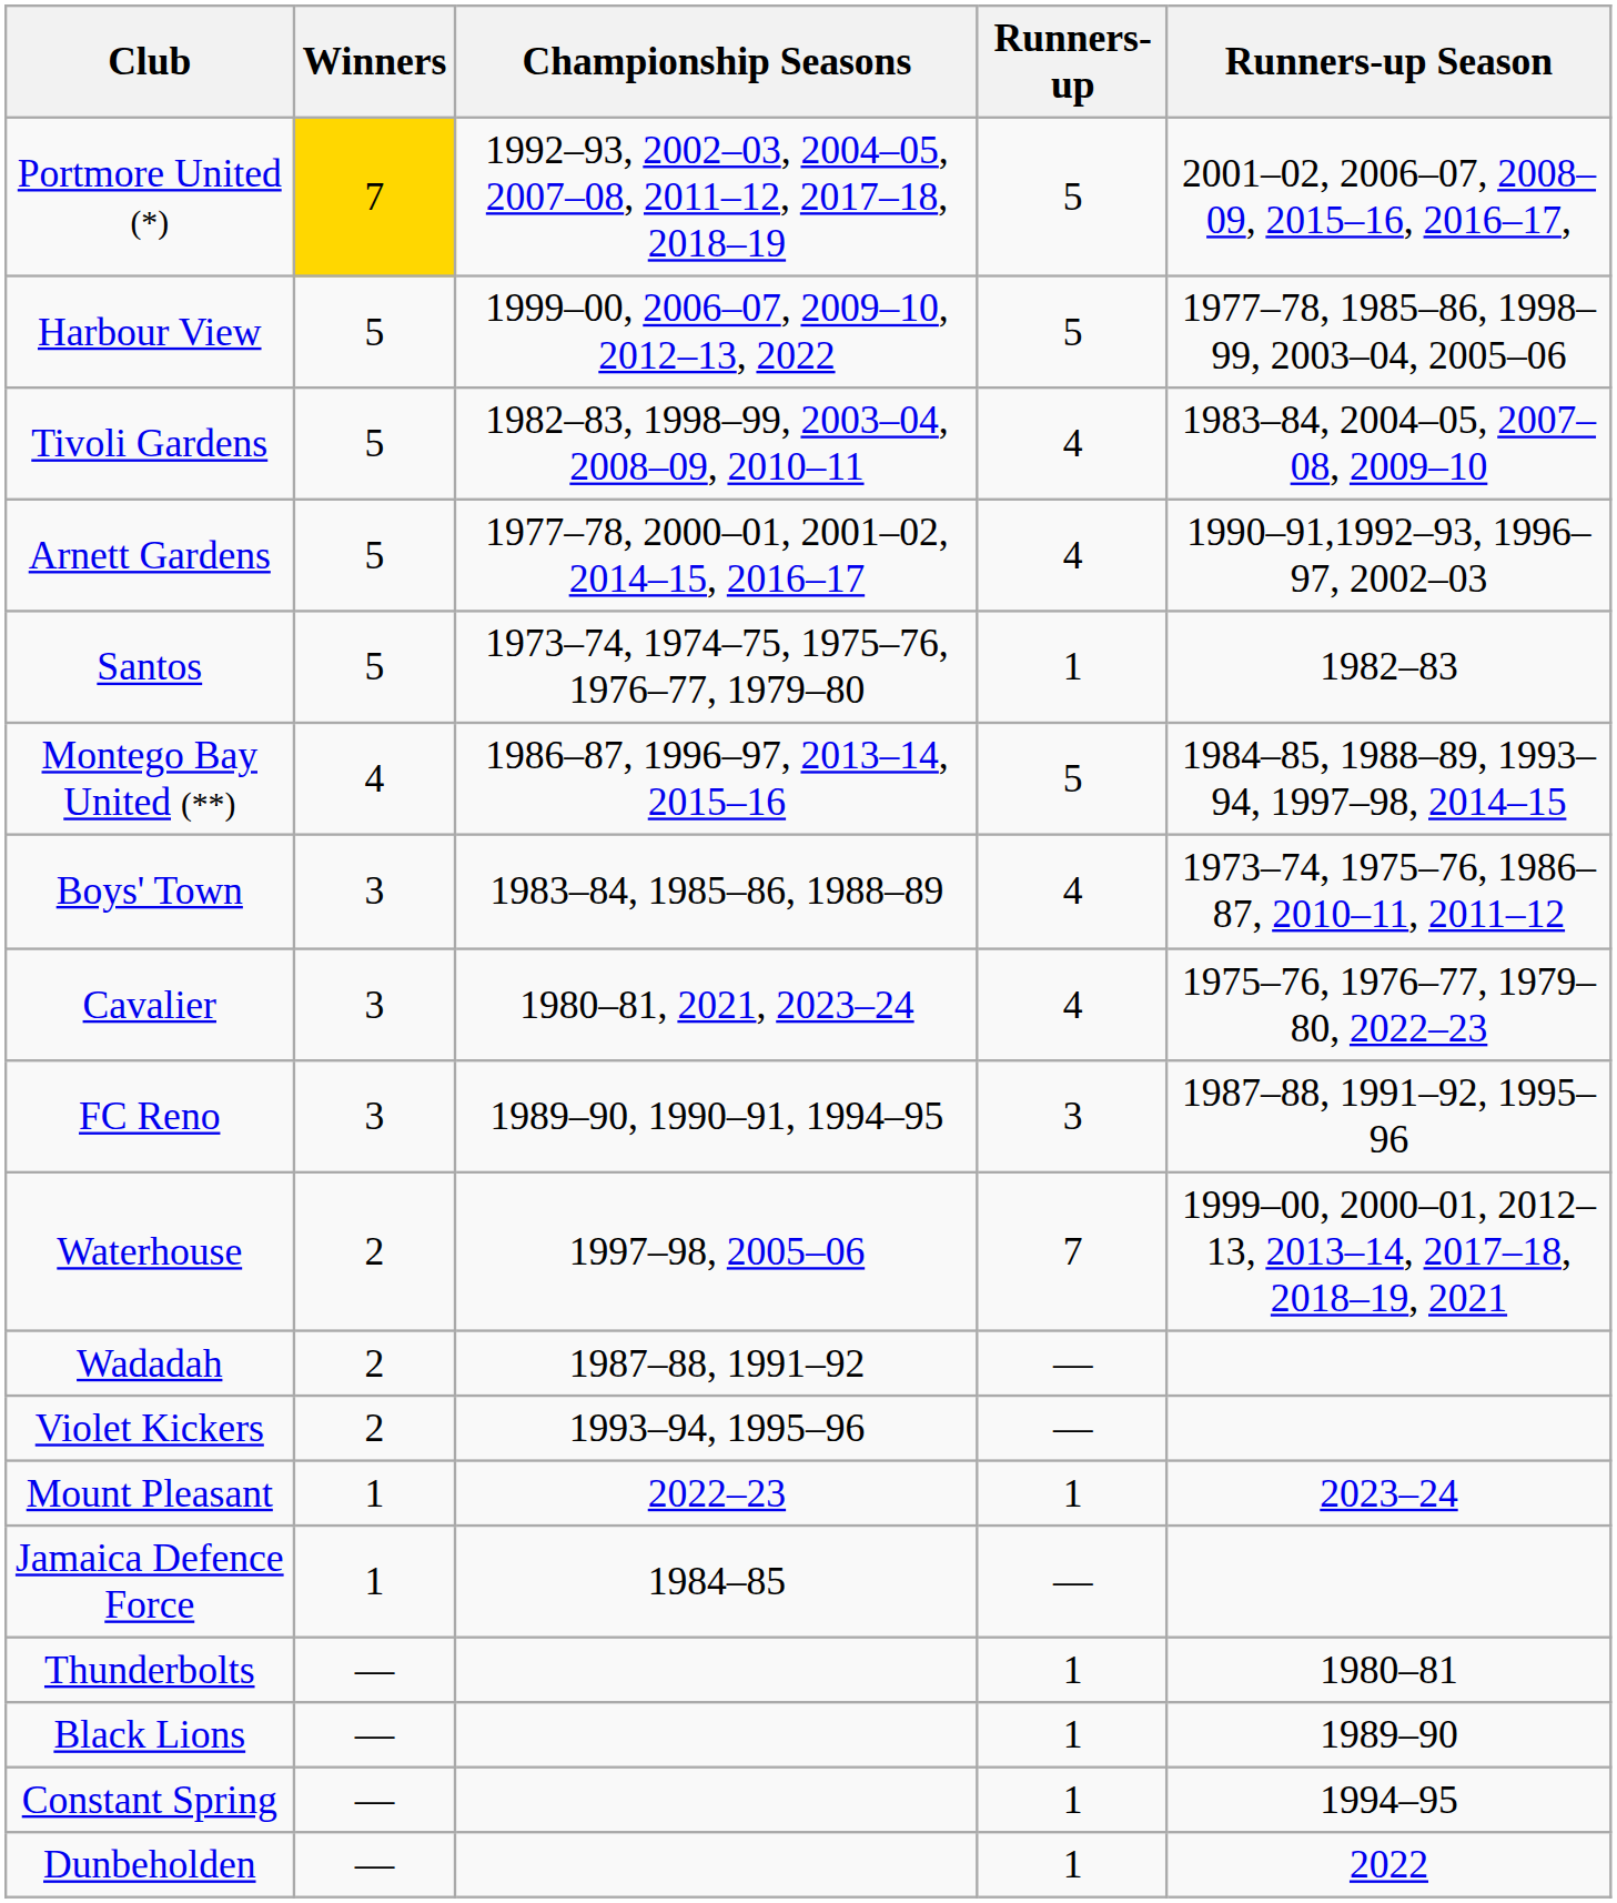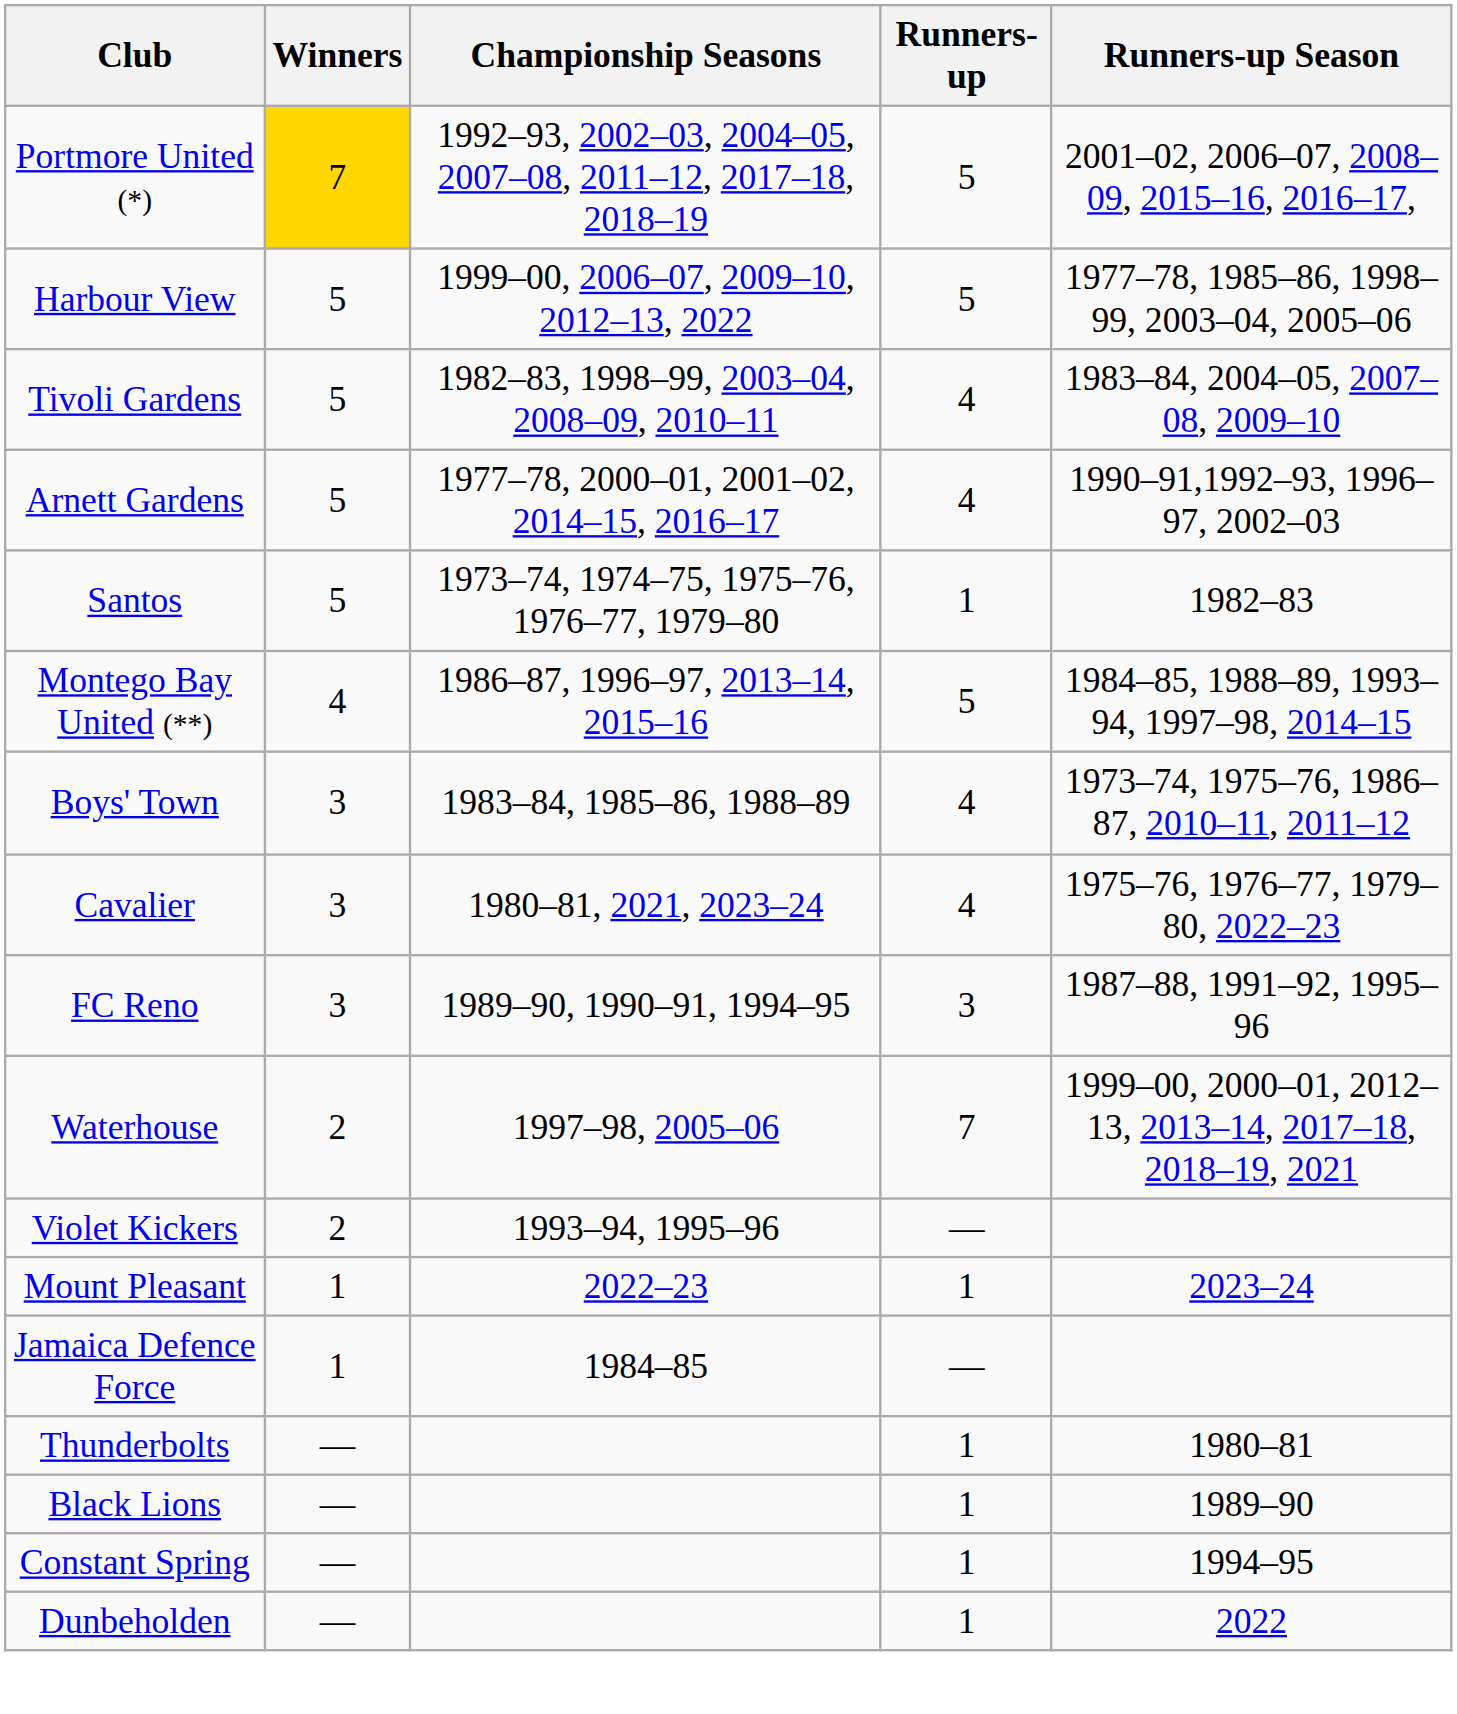 <table class="wikitable sortable mw-collapsible" style="font-size:95%; text-align: center; width:70%;">
 <tr>
 <th>Club</th>
 <th>Winners</th>
 <th>Championship Seasons</th>
 <th>Runners-up</th>
 <th>Runners-up Season</th>
 </tr>
 <tr>
 <td><a href='#'>Portmore United</a> <small>(*)</small></td>
 <td style="text-align:center;background-color: gold">7</td>
 <td>1992–93, <a href='#'>2002–03</a>, <a href='#'>2004–05</a>, <a href='#'>2007–08</a>, <a href='#'>2011–12</a>, <a href='#'>2017–18</a>, <a href='#'>2018–19</a></td>
 <td style="text-align:center;">5</td>
 <td>2001–02, 2006–07, <a href='#'>2008–09</a>, <a href='#'>2015–16</a>, <a href='#'>2016–17</a>,</td>
 </tr>
 <tr>
 <td><a href='#'>Harbour View</a></td>
 <td style="text-align:center;">5</td>
 <td>1999–00, <a href='#'>2006–07</a>, <a href='#'>2009–10</a>, <a href='#'>2012–13</a>, <a href='#'>2022</a></td>
 <td style="text-align:center;">5</td>
 <td>1977–78, 1985–86, 1998–99, 2003–04, 2005–06</td>
 </tr>
 <tr>
 <td><a href='#'>Tivoli Gardens</a></td>
 <td style="text-align:center;">5</td>
 <td>1982–83, 1998–99, <a href='#'>2003–04</a>, <a href='#'>2008–09</a>, <a href='#'>2010–11</a></td>
 <td style="text-align:center;">4</td>
 <td>1983–84, 2004–05, <a href='#'>2007–08</a>, <a href='#'>2009–10</a></td>
 </tr>
 <tr>
 <td><a href='#'>Arnett Gardens</a></td>
 <td style="text-align:center;">5</td>
 <td>1977–78, 2000–01, 2001–02, <a href='#'>2014–15</a>, <a href='#'>2016–17</a></td>
 <td style="text-align:center;">4</td>
 <td>1990–91,1992–93, 1996–97, 2002–03</td>
 </tr>
 <tr>
 <td><a href='#'>Santos</a></td>
 <td style="text-align:center;">5</td>
 <td>1973–74, 1974–75, 1975–76, 1976–77, 1979–80</td>
 <td style="text-align:center;">1</td>
 <td>1982–83</td>
 </tr>
 <tr>
 <td><a href='#'>Montego Bay United</a> <small>(**)</small></td>
 <td style="text-align:center;">4</td>
 <td>1986–87, 1996–97, <a href='#'>2013–14</a>, <a href='#'>2015–16</a></td>
 <td style="text-align:center;">5</td>
 <td>1984–85, 1988–89, 1993–94, 1997–98, <a href='#'>2014–15</a></td>
 </tr>
 <tr>
 <td><a href='#'>Boys' Town</a></td>
 <td style="text-align:center;">3</td>
 <td>1983–84, 1985–86, 1988–89</td>
 <td style="text-align:center;">4</td>
 <td>1973–74, 1975–76, 1986–87, <a href='#'>2010–11</a>, <a href='#'>2011–12</a></td>
 </tr>
 <tr>
 <td><a href='#'>Cavalier</a></td>
 <td style="text-align:center;">3</td>
 <td>1980–81, <a href='#'>2021</a>, <a href='#'>2023–24</a></td>
 <td style="text-align:center;">4</td>
 <td>1975–76, 1976–77, 1979–80, <a href='#'>2022–23</a></td>
 </tr>
 <tr>
 <td><a href='#'>FC Reno</a></td>
 <td style="text-align:center;">3</td>
 <td>1989–90, 1990–91, 1994–95</td>
 <td style="text-align:center;">3</td>
 <td>1987–88, 1991–92, 1995–96</td>
 </tr>
 <tr>
 <td><a href='#'>Waterhouse</a></td>
 <td style="text-align:center;">2</td>
 <td>1997–98, <a href='#'>2005–06</a></td>
 <td style="text-align:center;">7</td>
 <td>1999–00, 2000–01, 2012–13, <a href='#'>2013–14</a>, <a href='#'>2017–18</a>, <a href='#'>2018–19</a>,   <a href='#'>2021</a></td>
 </tr>
 <tr>
-<td><a href='#'>Wadadah</a></td>
-<td style="text-align:center;">2</td>
-<td>1987–88, 1991–92</td>
-<td style="text-align:center;">—</td>
-<td></td>
-</tr>
-<tr>
 <td><a href='#'>Violet Kickers</a></td>
 <td style="text-align:center;">2</td>
 <td>1993–94, 1995–96</td>
 <td style="text-align:center;">—</td>
 <td></td>
 </tr>
 <tr>
 <td><a href='#'>Mount Pleasant</a></td>
 <td style="text-align:center;">1</td>
 <td><a href='#'>2022–23</a></td>
 <td style="text-align:center;">1</td>
 <td><a href='#'>2023–24</a></td>
 </tr>
 <tr>
 <td><a href='#'>Jamaica Defence Force</a></td>
 <td style="text-align:center;">1</td>
 <td>1984–85</td>
 <td style="text-align:center;">—</td>
 <td></td>
 </tr>
 <tr>
 <td><a href='#'>Thunderbolts</a></td>
 <td style="text-align:center;">—</td>
 <td></td>
 <td style="text-align:center;">1</td>
 <td>1980–81</td>
 </tr>
 <tr>
 <td><a href='#'>Black Lions</a></td>
 <td style="text-align:center;">—</td>
 <td></td>
 <td style="text-align:center;">1</td>
 <td>1989–90</td>
 </tr>
 <tr>
 <td><a href='#'>Constant Spring</a></td>
 <td style="text-align:center;">—</td>
 <td></td>
 <td style="text-align:center;">1</td>
 <td>1994–95</td>
 </tr>
 <tr>
 <td><a href='#'>Dunbeholden</a></td>
 <td style="text-align:center;">—</td>
 <td></td>
 <td style="text-align:center;">1</td>
 <td><a href='#'>2022</a></td>
 </tr>
 </table>
